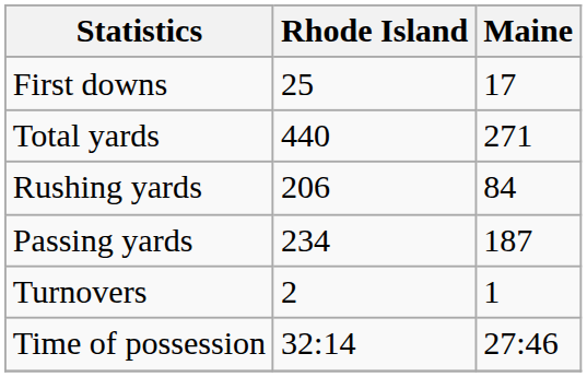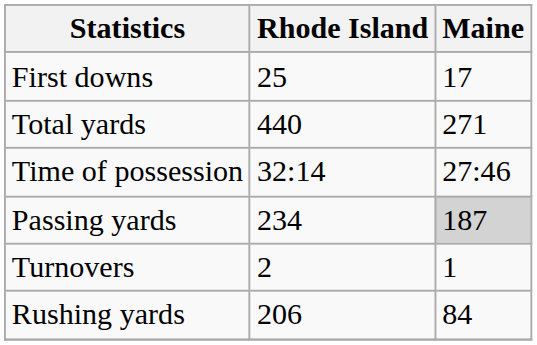 <table class="wikitable">
 <tr>
 <th>Statistics</th>
 <th>Rhode Island</th>
 <th>Maine</th>
 </tr>
 <tr>
 <td>First downs</td>
 <td>25</td>
 <td>17</td>
 </tr>
 <tr>
 <td>Total yards</td>
 <td>440</td>
 <td>271</td>
 </tr>
 <tr>
-<td>Rushing yards</td>
-<td>206</td>
-<td>84</td>
+<td>Time of possession</td>
+<td>32:14</td>
+<td>27:46</td>
 </tr>
 <tr>
 <td>Passing yards</td>
 <td>234</td>
-<td>187</td>
+<td style="background: lightgrey;">187</td>
 </tr>
 <tr>
 <td>Turnovers</td>
 <td>2</td>
 <td>1</td>
 </tr>
 <tr>
-<td>Time of possession</td>
-<td>32:14</td>
-<td>27:46</td>
+<td>Rushing yards</td>
+<td>206</td>
+<td>84</td>
 </tr>
 <tr>
 </tr>
 </table>
